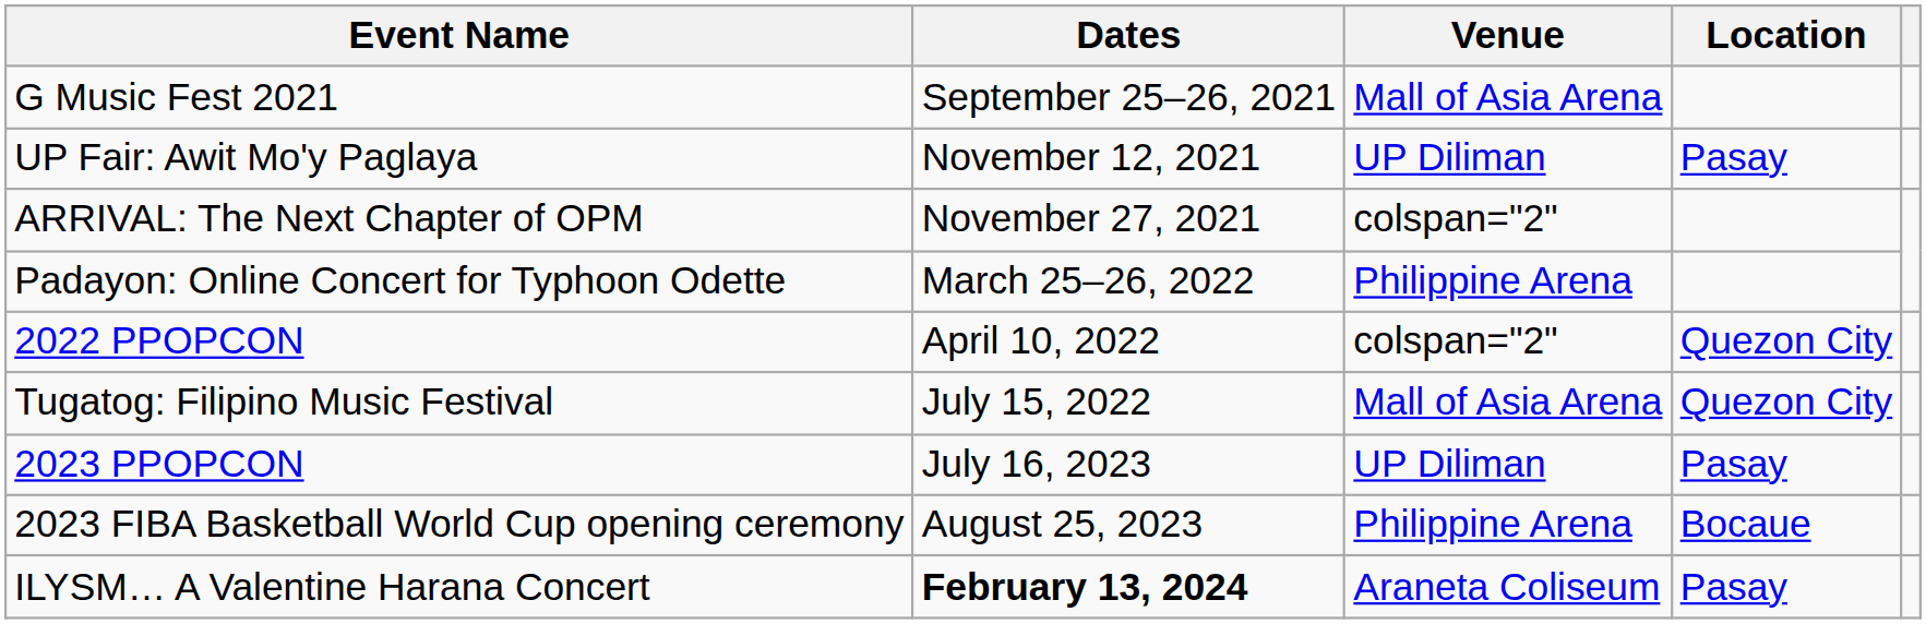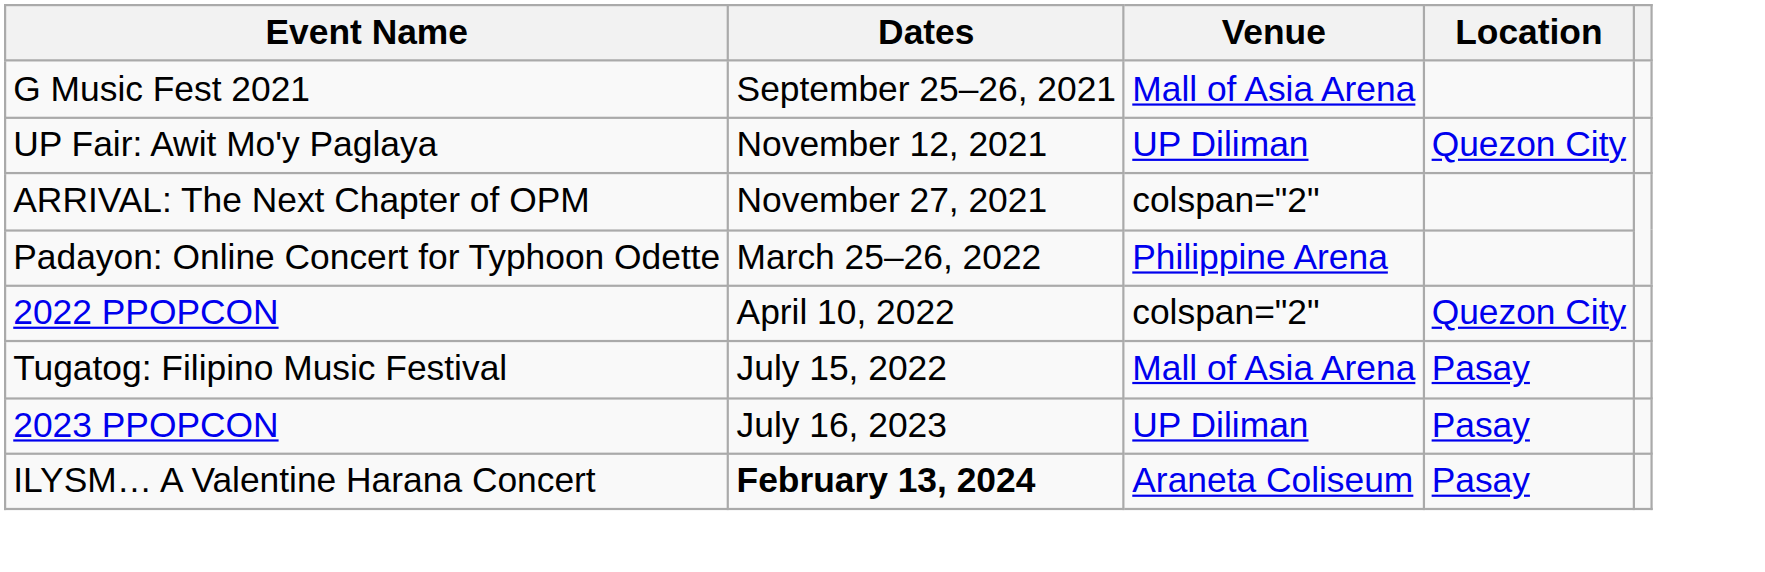 <table class="wikitable">
 <tr>
 <th>Event Name</th>
 <th>Dates</th>
 <th>Venue</th>
 <th>Location</th>
 <th></th>
 </tr>
 <tr>
 <td>G Music Fest 2021</td>
 <td>September 25–26, 2021</td>
 <td><a href='#'>Mall of Asia Arena</a></td>
 <td></td>
 </tr>
 <tr>
 <td>UP Fair: Awit Mo'y Paglaya</td>
 <td>November 12, 2021</td>
 <td><a href='#'>UP Diliman</a></td>
-<td><a href='#'>Pasay</a></td>
+<td><a href='#'>Quezon City</a></td>
 <td></td>
 </tr>
 <tr>
 <td>ARRIVAL: The Next Chapter of OPM</td>
 <td>November 27, 2021</td>
 <td>colspan="2" </td>
 <td></td>
 </tr>
 <tr>
 <td>Padayon: Online Concert for Typhoon Odette</td>
 <td>March 25–26, 2022</td>
 <td><a href='#'>Philippine Arena</a></td>
 <td></td>
 </tr>
 <tr>
 <td><a href='#'>2022 PPOPCON</a></td>
 <td>April 10, 2022</td>
 <td>colspan="2" </td>
 <td><a href='#'>Quezon City</a></td>
 <td></td>
 </tr>
 <tr>
 <td>Tugatog: Filipino Music Festival</td>
 <td>July 15, 2022</td>
 <td><a href='#'>Mall of Asia Arena</a></td>
-<td><a href='#'>Quezon City</a></td>
+<td><a href='#'>Pasay</a></td>
 <td></td>
 </tr>
 <tr>
 <td><a href='#'>2023 PPOPCON</a></td>
 <td>July 16, 2023</td>
 <td><a href='#'>UP Diliman</a></td>
 <td><a href='#'>Pasay</a></td>
 <td></td>
 </tr>
 <tr>
-<td>2023 FIBA Basketball World Cup opening ceremony</td>
-<td>August 25, 2023</td>
-<td><a href='#'>Philippine Arena</a></td>
-<td><a href='#'>Bocaue</a></td>
-<td></td>
-</tr>
-<tr>
 <td>ILYSM… A Valentine Harana Concert</td>
 <td><strong>February 13, 2024</strong></td>
 <td><a href='#'>Araneta Coliseum</a></td>
 <td><a href='#'>Pasay</a></td>
 <td></td>
 </tr>
 </table>
